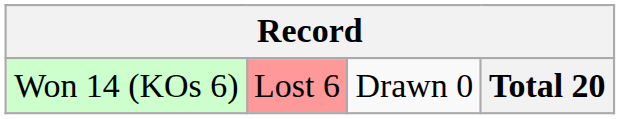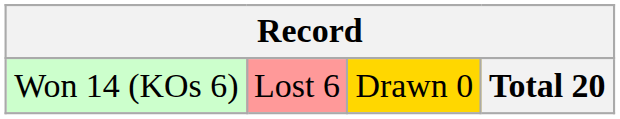 <table class="wikitable" style="text-align:center; margin:1em auto;">
 <tr>
 <th colspan="4">Record</th>
 </tr>
 <tr>
 <td bgcolor=CCFFCC>Won 14 (KOs 6)</td>
 <td bgcolor=FF9999>Lost 6</td>
-<td>Drawn 0</td>
+<td style="background: gold;">Drawn 0</td>
 <th>Total 20</th>
 </tr>
 </table>
